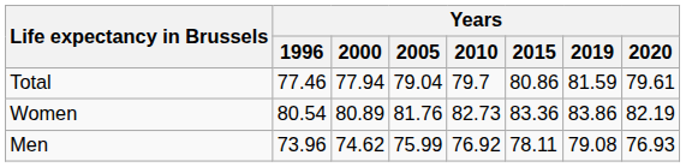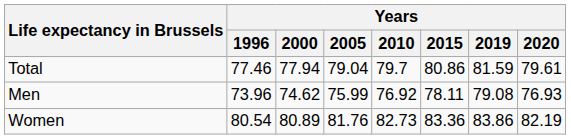 <table class="wikitable">
 <tr>
 <th rowspan="2">Life expectancy in Brussels</th>
 <th colspan="7">Years</th>
 </tr>
 <tr>
 <th>1996</th>
 <th>2000</th>
 <th>2005</th>
 <th>2010</th>
 <th>2015</th>
 <th>2019</th>
 <th>2020</th>
 </tr>
 <tr>
 <td>Total</td>
 <td>77.46</td>
 <td>77.94</td>
 <td>79.04</td>
 <td>79.7</td>
 <td>80.86</td>
 <td>81.59</td>
 <td>79.61</td>
 </tr>
 <tr>
+<td>Men</td>
+<td>73.96</td>
+<td>74.62</td>
+<td>75.99</td>
+<td>76.92</td>
+<td>78.11</td>
+<td>79.08</td>
+<td>76.93</td>
+</tr>
+<tr>
 <td>Women</td>
 <td>80.54</td>
 <td>80.89</td>
 <td>81.76</td>
 <td>82.73</td>
 <td>83.36</td>
 <td>83.86</td>
 <td>82.19</td>
 </tr>
-<tr>
-<td>Men</td>
-<td>73.96</td>
-<td>74.62</td>
-<td>75.99</td>
-<td>76.92</td>
-<td>78.11</td>
-<td>79.08</td>
-<td>76.93</td>
-</tr>
 </table>
